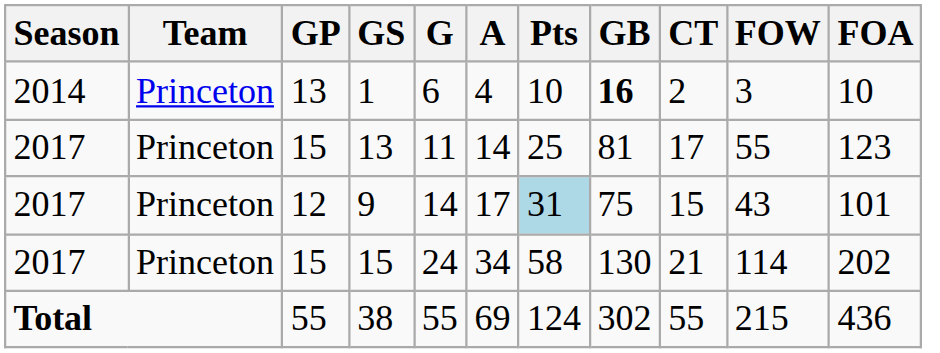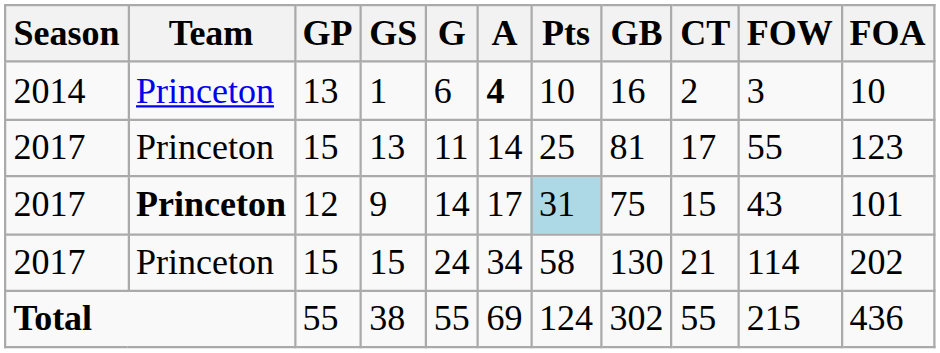 <table class="wikitable">
 <tr>
 <th>Season</th>
 <th>Team</th>
 <th>GP</th>
 <th>GS</th>
 <th>G</th>
 <th>A</th>
 <th>Pts</th>
 <th>GB</th>
 <th>CT</th>
 <th>FOW</th>
 <th>FOA</th>
 </tr>
 <tr>
 <td>2014</td>
 <td><a href='#'>Princeton</a></td>
 <td>13</td>
 <td>1</td>
 <td>6</td>
-<td>4</td>
+<td><strong>4</strong></td>
 <td>10</td>
-<td><strong>16</strong></td>
+<td>16</td>
 <td>2</td>
 <td>3</td>
 <td>10</td>
 </tr>
 <tr>
 <td>2017</td>
 <td>Princeton</td>
 <td>15</td>
 <td>13</td>
 <td>11</td>
 <td>14</td>
 <td>25</td>
 <td>81</td>
 <td>17</td>
 <td>55</td>
 <td>123</td>
 </tr>
 <tr>
 <td>2017</td>
-<td>Princeton</td>
+<td><strong>Princeton</strong></td>
 <td>12</td>
 <td>9</td>
 <td>14</td>
 <td>17</td>
 <td style="background: lightblue;">31</td>
 <td>75</td>
 <td>15</td>
 <td>43</td>
 <td>101</td>
 </tr>
 <tr>
 <td>2017</td>
 <td>Princeton</td>
 <td>15</td>
 <td>15</td>
 <td>24</td>
 <td>34</td>
 <td>58</td>
 <td>130</td>
 <td>21</td>
 <td>114</td>
 <td>202</td>
 </tr>
 <tr>
 <td colspan="2"><strong>Total</strong></td>
 <td>55</td>
 <td>38</td>
 <td>55</td>
 <td>69</td>
 <td>124</td>
 <td>302</td>
 <td>55</td>
 <td>215</td>
 <td>436</td>
 </tr>
 </table>
